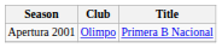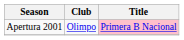 <table class="wikitable">
 <tr>
 <th>Season</th>
 <th>Club</th>
 <th>Title</th>
 </tr>
 <tr>
 <td>Apertura 2001</td>
 <td><a href='#'>Olimpo</a></td>
-<td><a href='#'>Primera B Nacional</a></td>
+<td style="background: pink;"><a href='#'>Primera B Nacional</a></td>
 </tr>
 <tr>
 </tr>
 </table>
